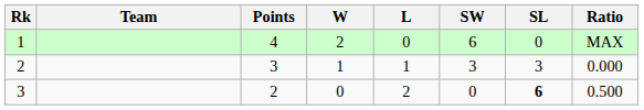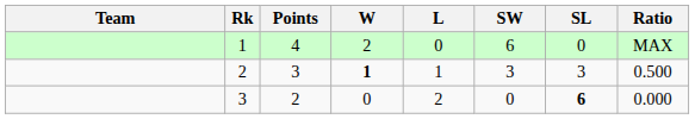 <table class=wikitable style=text-align:center>
 <tr>
+<th width=200>Team</th>
 <th width=25>Rk</th>
-<th width=200>Team</th>
 <th width=60>Points</th>
 <th width=60>W</th>
 <th width=60>L</th>
 <th width=60>SW</th>
 <th width=60>SL</th>
 <th width=60>Ratio</th>
 </tr>
 <tr style="background: #ccffcc">
+<td align=left></td>
 <td>1</td>
-<td align=left></td>
 <td>4</td>
 <td>2</td>
 <td>0</td>
 <td>6</td>
 <td>0</td>
 <td>MAX</td>
 </tr>
 <tr>
+<td align=left></td>
 <td>2</td>
-<td align=left></td>
 <td>3</td>
-<td>1</td>
+<td><strong>1</strong></td>
 <td>1</td>
 <td>3</td>
 <td>3</td>
-<td>0.000</td>
+<td>0.500</td>
 </tr>
 <tr>
+<td align=left></td>
 <td>3</td>
-<td align=left></td>
 <td>2</td>
 <td>0</td>
 <td>2</td>
 <td>0</td>
 <td><strong>6</strong></td>
-<td>0.500</td>
+<td>0.000</td>
 </tr>
 </table>
